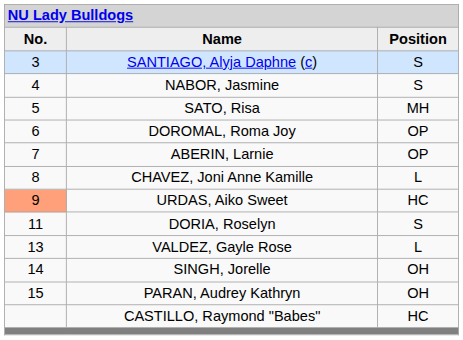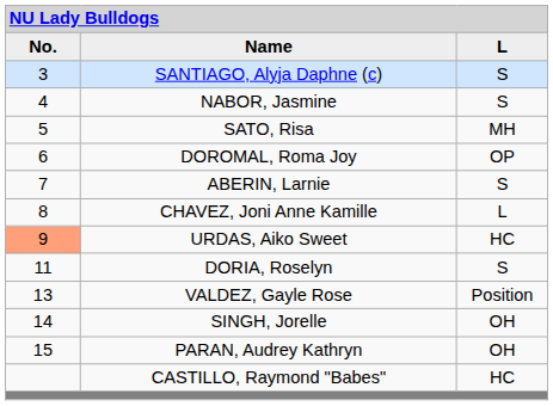 <table class='wikitable mw-collapsible mw-collapsed' style="text-align: center; width: 500px; border: none">
 <tr>
 <th style="background:#D4D4D4; text-align:left;" colspan=3><a href='#'>NU Lady Bulldogs</a></th>
 </tr>
 <tr style="background:#EEEEEE; font-weight:bold;">
 <td width=10%>No.</td>
 <td width=50%>Name</td>
-<td width=10%>Position</td>
+<td align=center>L</td>
 </tr>
 <tr style="background: #D0E6FF">
 <td align=center>3</td>
 <td><a href='#'>SANTIAGO, Alyja Daphne</a> (<a href='#'>c</a>)</td>
 <td align=center>S</td>
 </tr>
 <tr>
 <td align=center>4</td>
 <td>NABOR, Jasmine</td>
 <td align=center>S</td>
 </tr>
 <tr>
 <td align=center>5</td>
 <td>SATO, Risa</td>
 <td align=center>MH</td>
 </tr>
 <tr>
 <td align=center>6</td>
 <td>DOROMAL, Roma Joy</td>
 <td align=center>OP</td>
 </tr>
 <tr>
 <td align=center>7</td>
 <td>ABERIN, Larnie</td>
-<td align=center>OP</td>
+<td align=center>S</td>
 </tr>
 <tr>
 <td align=center>8</td>
 <td>CHAVEZ, Joni Anne Kamille</td>
 <td align=center>L</td>
 </tr>
 <tr>
 <td align=center style="background: lightsalmon;">9</td>
 <td>URDAS, Aiko Sweet</td>
 <td align=center>HC</td>
 </tr>
 <tr>
 <td align=center>11</td>
 <td>DORIA, Roselyn</td>
 <td align=center>S</td>
 </tr>
 <tr>
 <td align=center>13</td>
 <td>VALDEZ, Gayle Rose</td>
-<td align=center>L</td>
+<td width=10%>Position</td>
 </tr>
 <tr>
 <td align=center>14</td>
 <td>SINGH, Jorelle</td>
 <td align=center>OH</td>
 </tr>
 <tr>
 <td align=center>15</td>
 <td>PARAN, Audrey Kathryn</td>
 <td align=center>OH</td>
 </tr>
 <tr>
 <td align=center></td>
 <td>CASTILLO, Raymond "Babes"</td>
 <td align=center>HC</td>
 </tr>
 <tr>
 <th style='background: grey;' colspan=3></th>
 </tr>
 </table>
